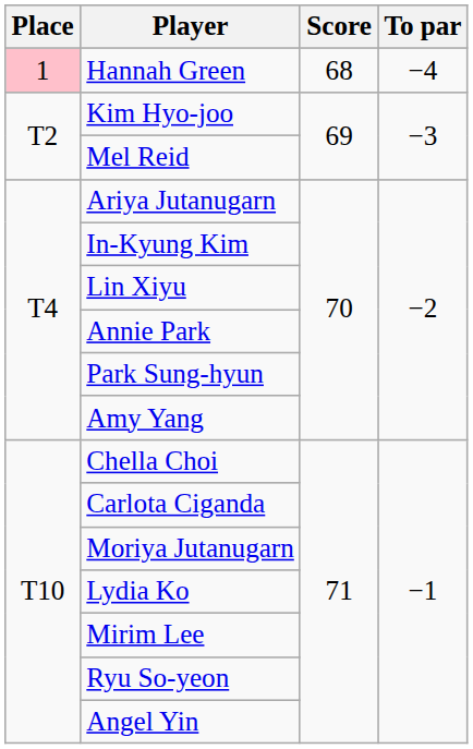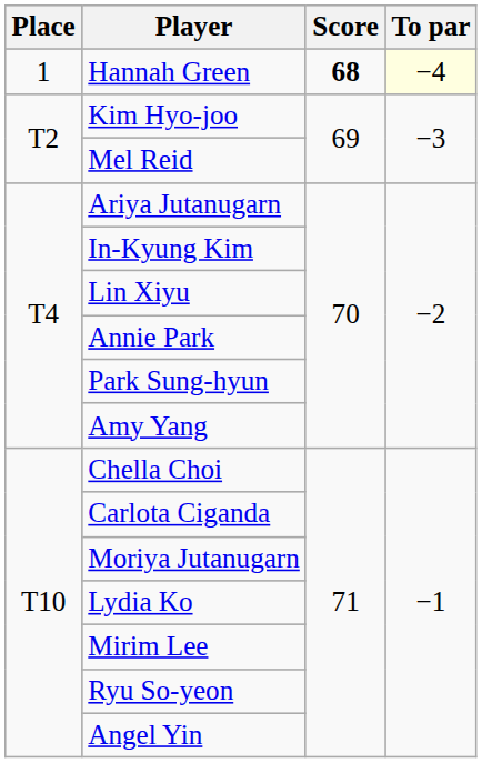 <table class="wikitable">
 <tr>
 <th>Place</th>
 <th>Player</th>
 <th>Score</th>
 <th>To par</th>
 </tr>
 <tr>
-<td align=center style="background: pink;">1</td>
+<td align=center>1</td>
 <td> <a href='#'>Hannah Green</a></td>
-<td align=center>68</td>
-<td align=center>−4</td>
+<td align=center><strong>68</strong></td>
+<td align=center style="background: lightyellow;">−4</td>
 </tr>
 <tr>
 <td align=center rowspan=2>T2</td>
 <td> <a href='#'>Kim Hyo-joo</a></td>
 <td align=center rowspan=2>69</td>
 <td align=center rowspan=2>−3</td>
 </tr>
 <tr>
 <td> <a href='#'>Mel Reid</a></td>
 </tr>
 <tr>
 <td align=center rowspan=6>T4</td>
 <td> <a href='#'>Ariya Jutanugarn</a></td>
 <td align=center rowspan=6>70</td>
 <td align=center rowspan=6>−2</td>
 </tr>
 <tr>
 <td> <a href='#'>In-Kyung Kim</a></td>
 </tr>
 <tr>
 <td> <a href='#'>Lin Xiyu</a></td>
 </tr>
 <tr>
 <td> <a href='#'>Annie Park</a></td>
 </tr>
 <tr>
 <td> <a href='#'>Park Sung-hyun</a></td>
 </tr>
 <tr>
 <td> <a href='#'>Amy Yang</a></td>
 </tr>
 <tr>
 <td align=center rowspan=7>T10</td>
 <td> <a href='#'>Chella Choi</a></td>
 <td align=center rowspan=7>71</td>
 <td align=center rowspan=7>−1</td>
 </tr>
 <tr>
 <td> <a href='#'>Carlota Ciganda</a></td>
 </tr>
 <tr>
 <td> <a href='#'>Moriya Jutanugarn</a></td>
 </tr>
 <tr>
 <td> <a href='#'>Lydia Ko</a></td>
 </tr>
 <tr>
 <td> <a href='#'>Mirim Lee</a></td>
 </tr>
 <tr>
 <td> <a href='#'>Ryu So-yeon</a></td>
 </tr>
 <tr>
 <td> <a href='#'>Angel Yin</a></td>
 </tr>
 </table>
